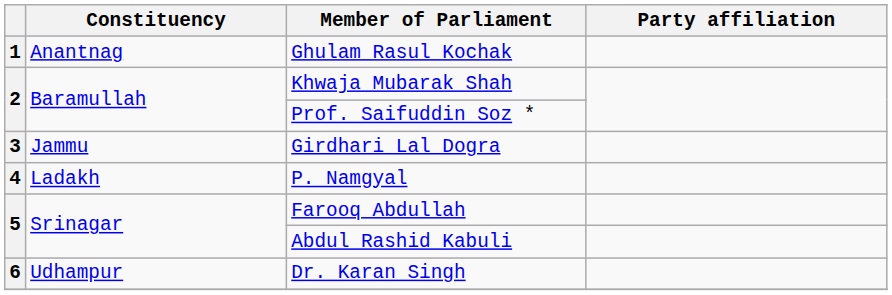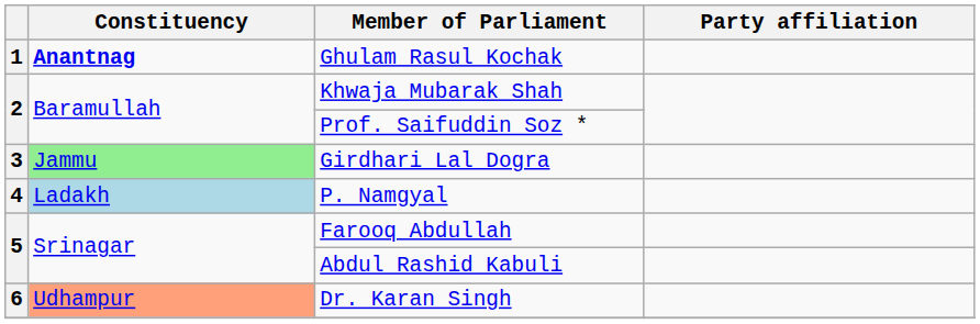 <table class="wikitable sortable">
 <tr style="text-align:center;">
 <th></th>
 <th style="width:13em">Constituency</th>
 <th style="width:15em">Member of Parliament</th>
 <th colspan="2" style="width:15em">Party affiliation</th>
 </tr>
 <tr>
 <th>1</th>
-<td><a href='#'>Anantnag</a></td>
+<td><strong><a href='#'>Anantnag</a></strong></td>
 <td><a href='#'>Ghulam Rasul Kochak</a></td>
 <td></td>
 </tr>
 <tr>
 <th rowspan=2>2</th>
 <td rowspan=2><a href='#'>Baramullah</a></td>
 <td><a href='#'>Khwaja Mubarak Shah</a></td>
 </tr>
 <tr>
 <td><a href='#'>Prof. Saifuddin Soz</a> *</td>
 </tr>
 <tr>
 <th>3</th>
-<td><a href='#'>Jammu</a></td>
+<td style="background: lightgreen;"><a href='#'>Jammu</a></td>
 <td><a href='#'>Girdhari Lal Dogra</a></td>
 <td></td>
 </tr>
 <tr>
 <th>4</th>
-<td><a href='#'>Ladakh</a></td>
+<td style="background: lightblue;"><a href='#'>Ladakh</a></td>
 <td><a href='#'>P. Namgyal</a></td>
 <td></td>
 </tr>
 <tr>
 <th rowspan=2>5</th>
 <td rowspan=2><a href='#'>Srinagar</a></td>
 <td><a href='#'>Farooq Abdullah</a></td>
 <td></td>
 </tr>
 <tr>
 <td><a href='#'>Abdul Rashid Kabuli</a></td>
 </tr>
 <tr>
 <th>6</th>
-<td><a href='#'>Udhampur</a></td>
+<td style="background: lightsalmon;"><a href='#'>Udhampur</a></td>
 <td><a href='#'>Dr. Karan Singh</a></td>
 <td></td>
 </tr>
 <tr>
 </tr>
 </table>
